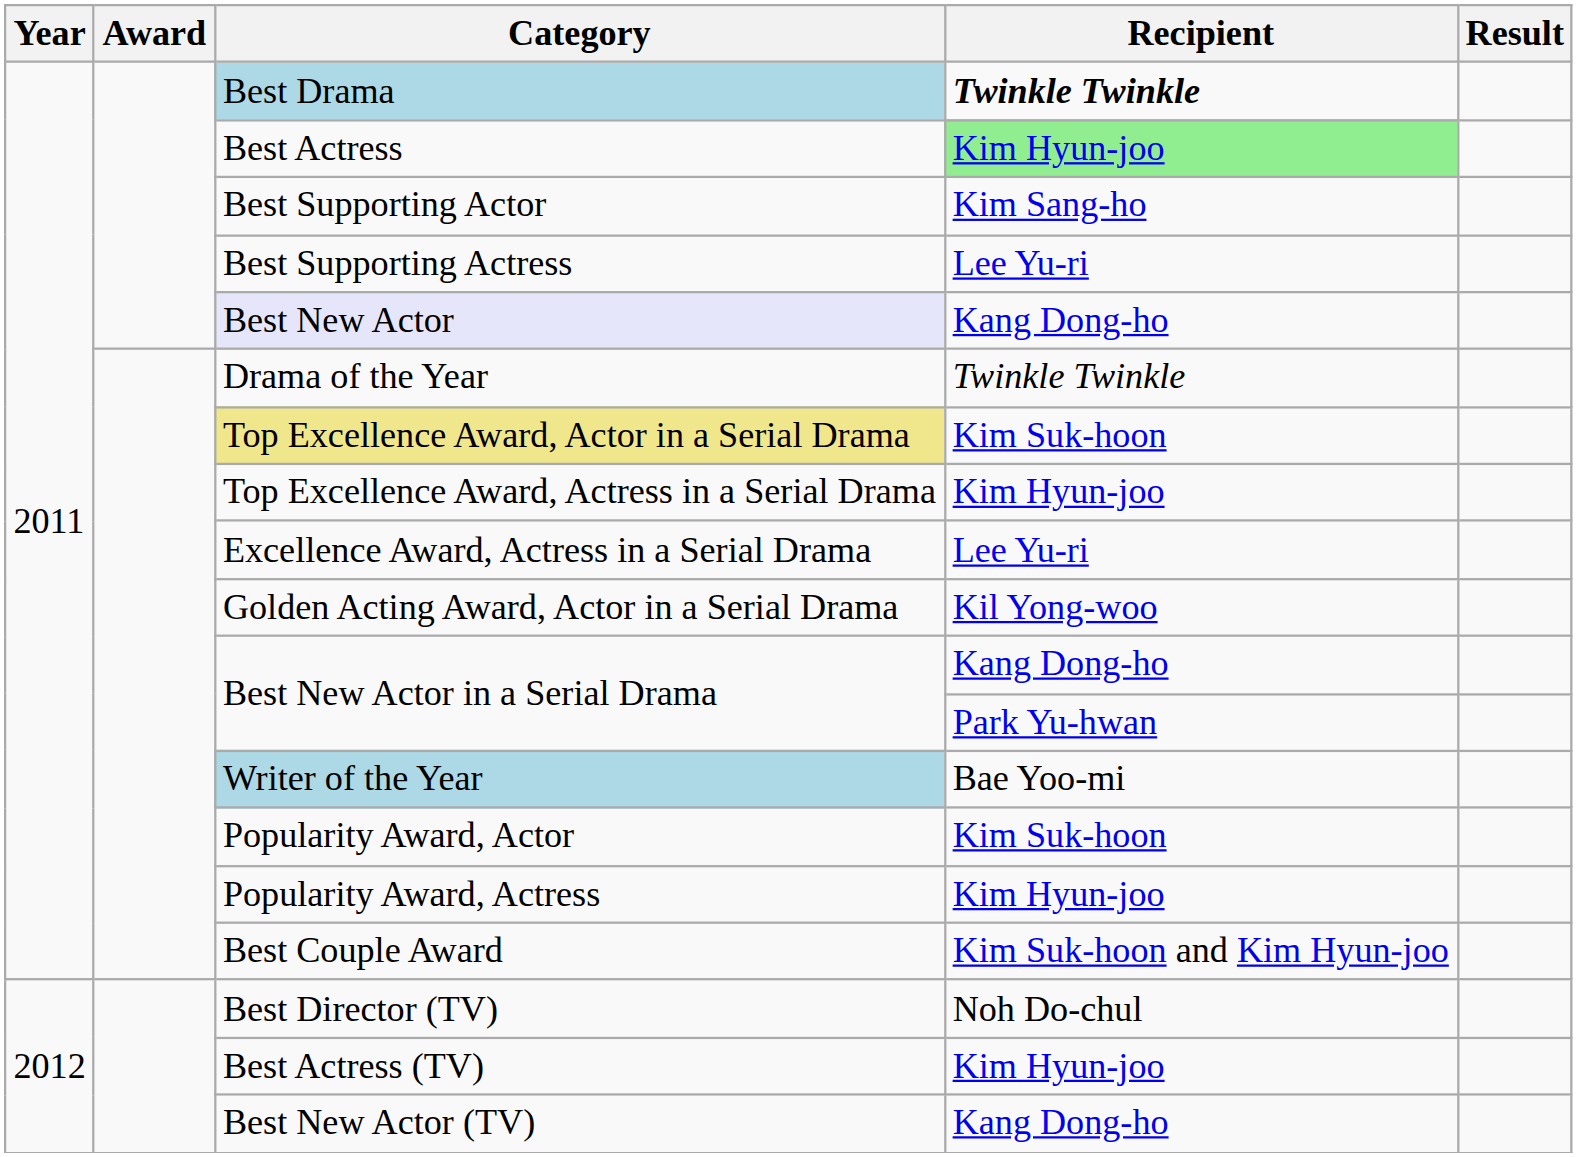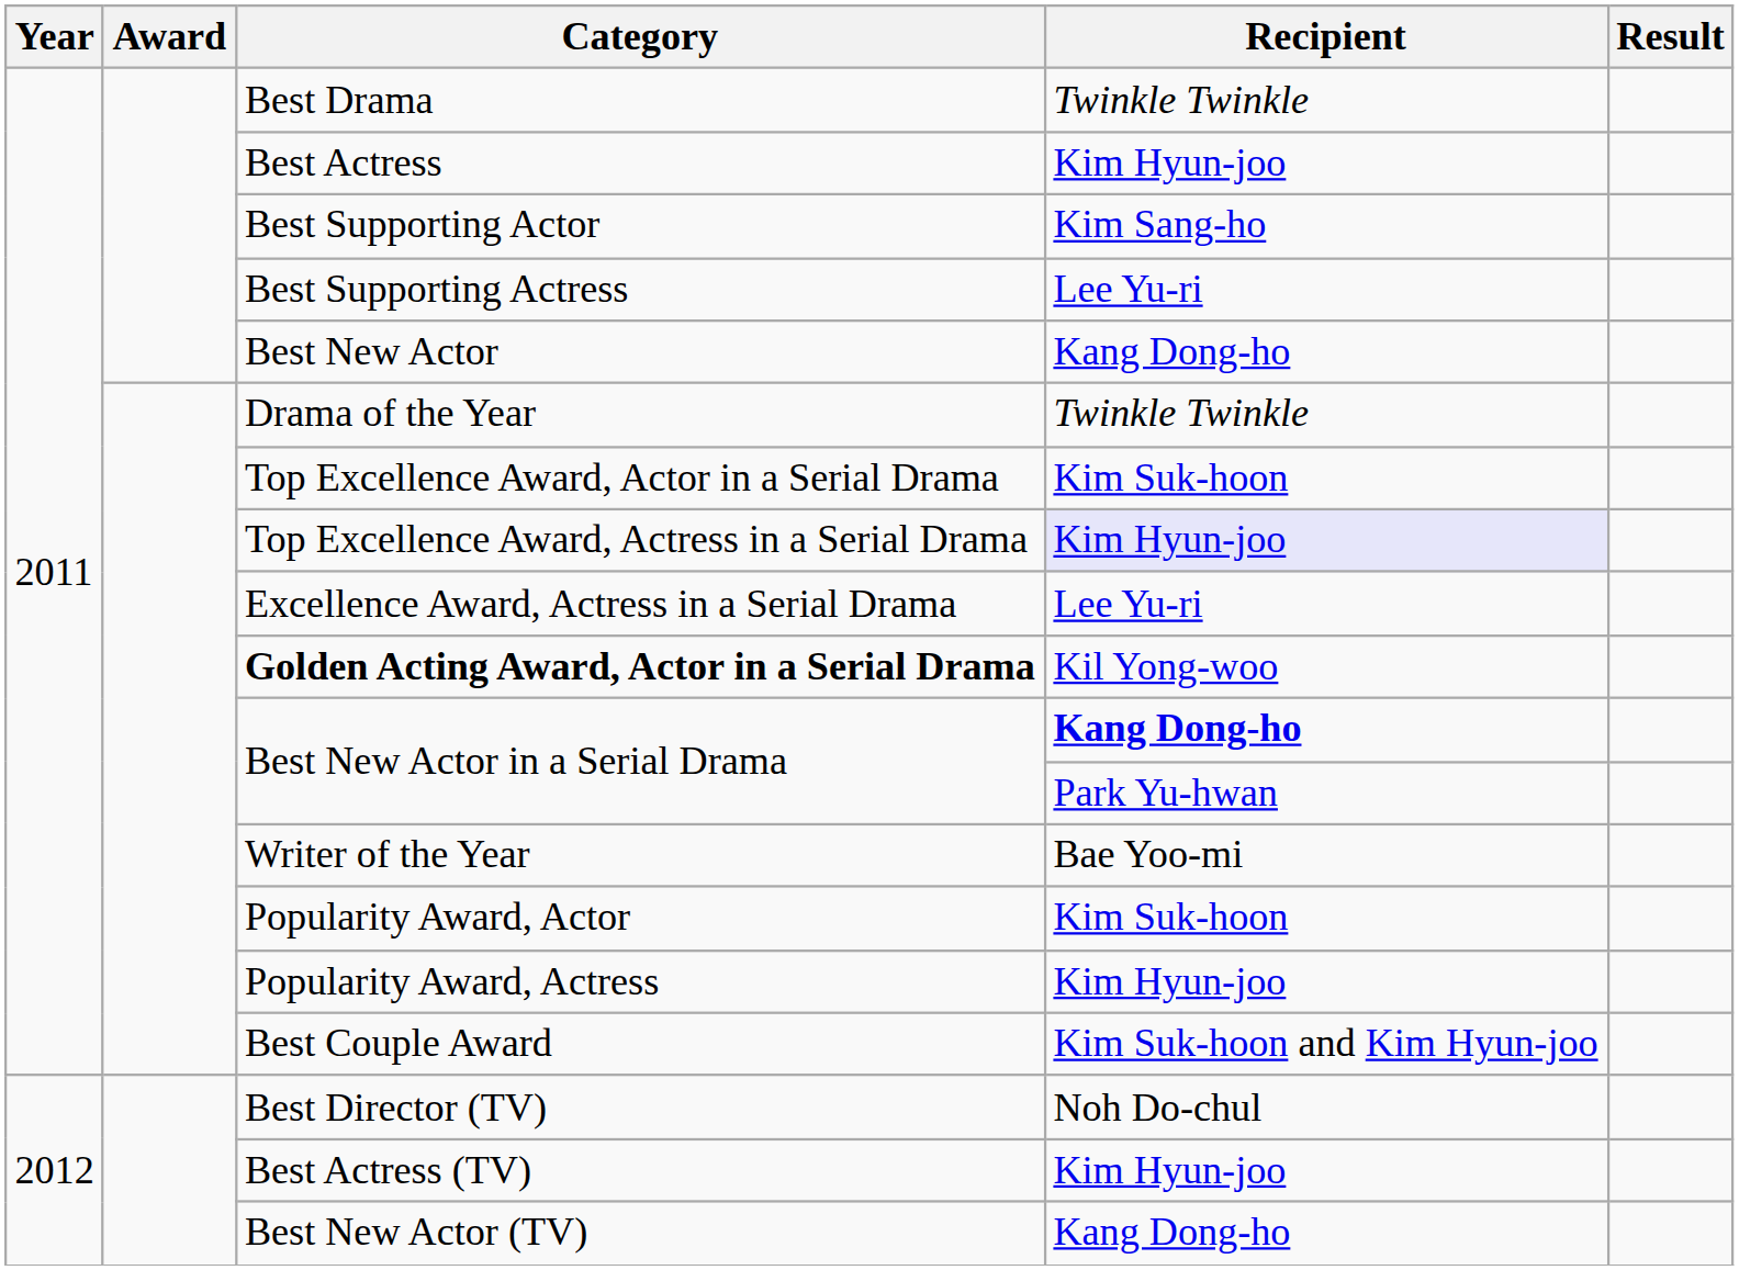 <table class="wikitable">
 <tr>
 <th>Year</th>
 <th>Award</th>
 <th>Category</th>
 <th>Recipient</th>
 <th>Result</th>
 </tr>
 <tr>
 <td rowspan=16>2011</td>
 <td rowspan=5></td>
-<td style="background: lightblue;">Best Drama</td>
-<td><strong><em>Twinkle Twinkle</em></strong></td>
+<td>Best Drama</td>
+<td><em>Twinkle Twinkle</em></td>
 <td></td>
 </tr>
 <tr>
 <td>Best Actress</td>
-<td style="background: lightgreen;"><a href='#'>Kim Hyun-joo</a></td>
+<td><a href='#'>Kim Hyun-joo</a></td>
 <td></td>
 </tr>
 <tr>
 <td>Best Supporting Actor</td>
 <td><a href='#'>Kim Sang-ho</a></td>
 <td></td>
 </tr>
 <tr>
 <td>Best Supporting Actress</td>
 <td><a href='#'>Lee Yu-ri</a></td>
 <td></td>
 </tr>
 <tr>
-<td style="background: lavender;">Best New Actor</td>
+<td>Best New Actor</td>
 <td><a href='#'>Kang Dong-ho</a></td>
 <td></td>
 </tr>
 <tr>
 <td rowspan=11></td>
 <td>Drama of the Year</td>
 <td><em>Twinkle Twinkle</em></td>
 <td></td>
 </tr>
 <tr>
-<td style="background: khaki;">Top Excellence Award, Actor in a Serial Drama</td>
+<td>Top Excellence Award, Actor in a Serial Drama</td>
 <td><a href='#'>Kim Suk-hoon</a></td>
 <td></td>
 </tr>
 <tr>
 <td>Top Excellence Award, Actress in a Serial Drama</td>
-<td><a href='#'>Kim Hyun-joo</a></td>
+<td style="background: lavender;"><a href='#'>Kim Hyun-joo</a></td>
 <td></td>
 </tr>
 <tr>
 <td>Excellence Award, Actress in a Serial Drama</td>
 <td><a href='#'>Lee Yu-ri</a></td>
 <td></td>
 </tr>
 <tr>
-<td>Golden Acting Award, Actor in a Serial Drama</td>
+<td><strong>Golden Acting Award, Actor in a Serial Drama</strong></td>
 <td><a href='#'>Kil Yong-woo</a></td>
 <td></td>
 </tr>
 <tr>
 <td rowspan=2>Best New Actor in a Serial Drama</td>
-<td><a href='#'>Kang Dong-ho</a></td>
+<td><strong><a href='#'>Kang Dong-ho</a></strong></td>
 <td></td>
 </tr>
 <tr>
 <td><a href='#'>Park Yu-hwan</a></td>
 <td></td>
 </tr>
 <tr>
-<td style="background: lightblue;">Writer of the Year</td>
+<td>Writer of the Year</td>
 <td>Bae Yoo-mi</td>
 <td></td>
 </tr>
 <tr>
 <td>Popularity Award, Actor</td>
 <td><a href='#'>Kim Suk-hoon</a></td>
 <td></td>
 </tr>
 <tr>
 <td>Popularity Award, Actress</td>
 <td><a href='#'>Kim Hyun-joo</a></td>
 <td></td>
 </tr>
 <tr>
 <td>Best Couple Award</td>
 <td><a href='#'>Kim Suk-hoon</a> and <a href='#'>Kim Hyun-joo</a></td>
 <td></td>
 </tr>
 <tr>
 <td rowspan=3>2012</td>
 <td rowspan=3></td>
 <td>Best Director (TV)</td>
 <td>Noh Do-chul</td>
 <td></td>
 </tr>
 <tr>
 <td>Best Actress (TV)</td>
 <td><a href='#'>Kim Hyun-joo</a></td>
 <td></td>
 </tr>
 <tr>
 <td>Best New Actor (TV)</td>
 <td><a href='#'>Kang Dong-ho</a></td>
 <td></td>
 </tr>
 <tr>
 </tr>
 </table>
